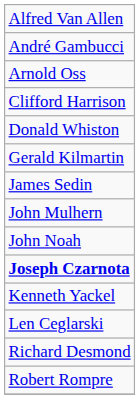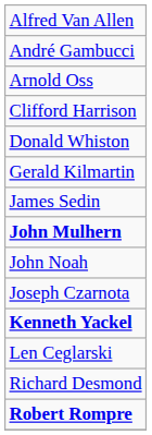 <table class=wikitable style=font-size:90%>
 <tr>
 <td><a href='#'>Alfred Van Allen</a></td>
 </tr>
 <tr>
 <td><a href='#'>André Gambucci</a></td>
 </tr>
 <tr>
 <td><a href='#'>Arnold Oss</a></td>
 </tr>
 <tr>
 <td><a href='#'>Clifford Harrison</a></td>
 </tr>
 <tr>
 <td><a href='#'>Donald Whiston</a></td>
 </tr>
 <tr>
 <td><a href='#'>Gerald Kilmartin</a></td>
 </tr>
 <tr>
 <td><a href='#'>James Sedin</a></td>
 </tr>
 <tr>
-<td><a href='#'>John Mulhern</a></td>
+<td><strong><a href='#'>John Mulhern</a></strong></td>
 </tr>
 <tr>
 <td><a href='#'>John Noah</a></td>
 </tr>
 <tr>
-<td><strong><a href='#'>Joseph Czarnota</a></strong></td>
+<td><a href='#'>Joseph Czarnota</a></td>
 </tr>
 <tr>
-<td><a href='#'>Kenneth Yackel</a></td>
+<td><strong><a href='#'>Kenneth Yackel</a></strong></td>
 </tr>
 <tr>
 <td><a href='#'>Len Ceglarski</a></td>
 </tr>
 <tr>
 <td><a href='#'>Richard Desmond</a></td>
 </tr>
 <tr>
-<td><a href='#'>Robert Rompre</a></td>
+<td><strong><a href='#'>Robert Rompre</a></strong></td>
 </tr>
 <tr>
 </tr>
 </table>
